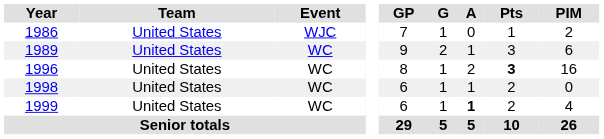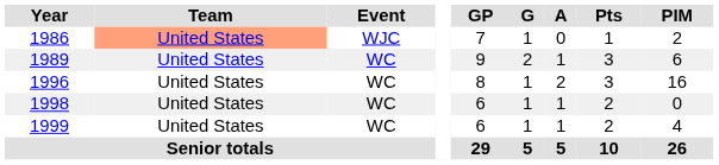 <table border="0" cellpadding="1" cellspacing="0" style="text-align:center; width:40em">
 <tr ALIGN="center" bgcolor="#e0e0e0">
 <th>Year</th>
 <th>Team</th>
 <th>Event</th>
 <th rowspan="99" bgcolor="#ffffff"> </th>
 <th>GP</th>
 <th>G</th>
 <th>A</th>
 <th>Pts</th>
 <th>PIM</th>
 </tr>
 <tr>
 <td><a href='#'>1986</a></td>
-<td><a href='#'>United States</a></td>
+<td style="background: lightsalmon;"><a href='#'>United States</a></td>
 <td><a href='#'>WJC</a></td>
 <td>7</td>
 <td>1</td>
 <td>0</td>
 <td>1</td>
 <td>2</td>
 </tr>
 <tr bgcolor="#f0f0f0">
 <td><a href='#'>1989</a></td>
 <td><a href='#'>United States</a></td>
 <td><a href='#'>WC</a></td>
 <td>9</td>
 <td>2</td>
 <td>1</td>
 <td>3</td>
 <td>6</td>
 </tr>
 <tr>
 <td><a href='#'>1996</a></td>
 <td>United States</td>
 <td>WC</td>
 <td>8</td>
 <td>1</td>
 <td>2</td>
-<td><strong>3</strong></td>
+<td>3</td>
 <td>16</td>
 </tr>
 <tr bgcolor="#f0f0f0">
 <td><a href='#'>1998</a></td>
 <td>United States</td>
 <td>WC</td>
 <td>6</td>
 <td>1</td>
 <td>1</td>
 <td>2</td>
 <td>0</td>
 </tr>
 <tr>
 <td><a href='#'>1999</a></td>
 <td>United States</td>
 <td>WC</td>
 <td>6</td>
 <td>1</td>
-<td><strong>1</strong></td>
+<td>1</td>
 <td>2</td>
 <td>4</td>
 </tr>
 <tr bgcolor="#e0e0e0">
 <th colspan="3">Senior totals</th>
 <th>29</th>
 <th>5</th>
 <th>5</th>
 <th>10</th>
 <th>26</th>
 </tr>
 </table>
